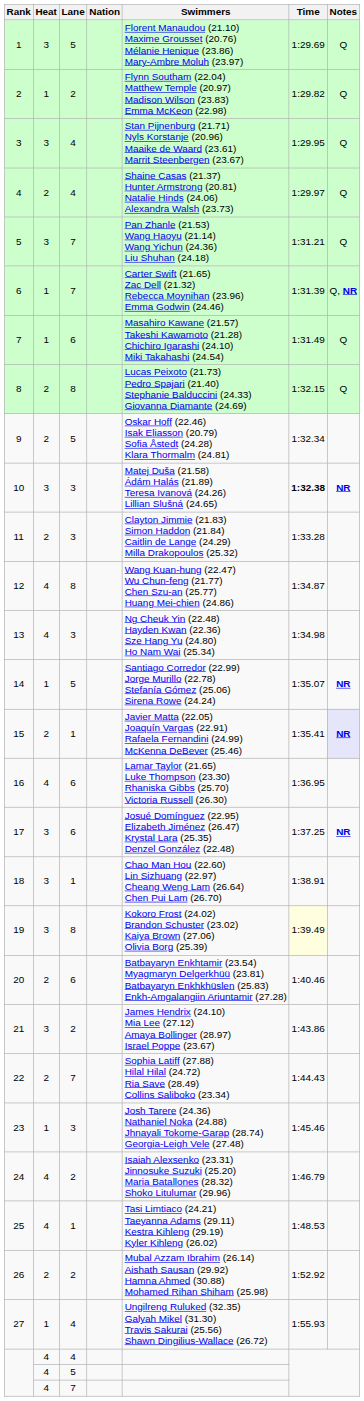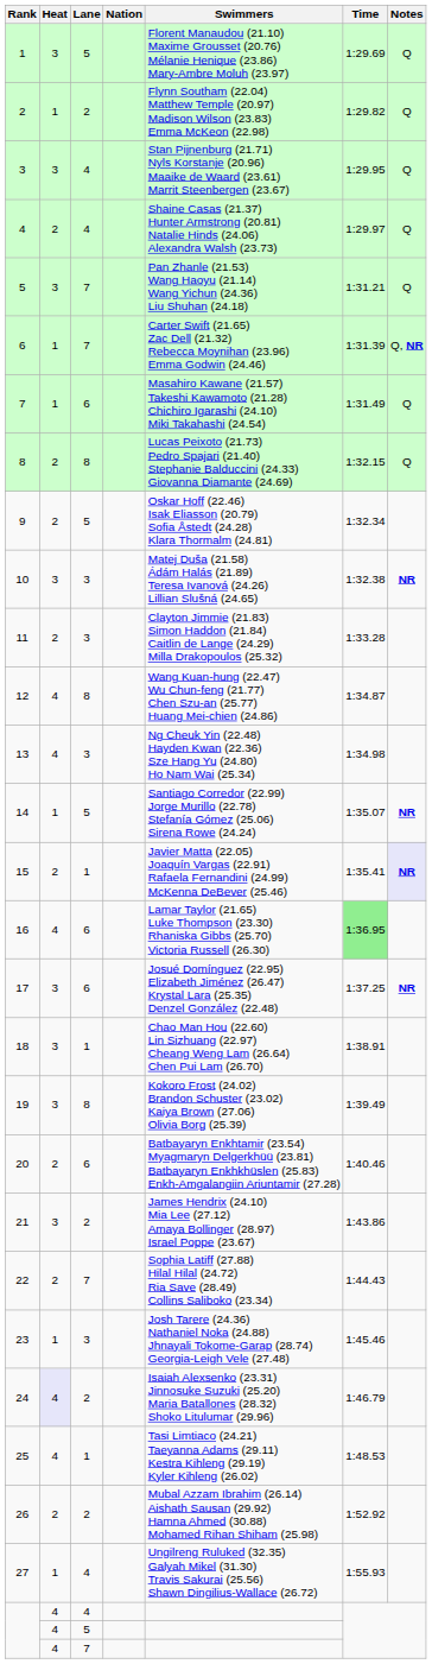 <table class="wikitable sortable" style="text-align:center">
 <tr>
 <th>Rank</th>
 <th>Heat</th>
 <th>Lane</th>
 <th>Nation</th>
 <th>Swimmers</th>
 <th>Time</th>
 <th>Notes</th>
 </tr>
 <tr bgcolor=ccffcc>
 <td>1</td>
 <td>3</td>
 <td>5</td>
 <td align=left></td>
 <td align=left><a href='#'>Florent Manaudou</a> (21.10)<br><a href='#'>Maxime Grousset</a> (20.76)<br><a href='#'>Mélanie Henique</a> (23.86)<br><a href='#'>Mary-Ambre Moluh</a> (23.97)</td>
 <td>1:29.69</td>
 <td>Q</td>
 </tr>
 <tr bgcolor=ccffcc>
 <td>2</td>
 <td>1</td>
 <td>2</td>
 <td align=left></td>
 <td align=left><a href='#'>Flynn Southam</a> (22.04)<br><a href='#'>Matthew Temple</a> (20.97)<br><a href='#'>Madison Wilson</a> (23.83)<br><a href='#'>Emma McKeon</a> (22.98)</td>
 <td>1:29.82</td>
 <td>Q</td>
 </tr>
 <tr bgcolor=ccffcc>
 <td>3</td>
 <td>3</td>
 <td>4</td>
 <td align=left></td>
 <td align=left><a href='#'>Stan Pijnenburg</a> (21.71)<br><a href='#'>Nyls Korstanje</a> (20.96)<br><a href='#'>Maaike de Waard</a> (23.61)<br><a href='#'>Marrit Steenbergen</a> (23.67)</td>
 <td>1:29.95</td>
 <td>Q</td>
 </tr>
 <tr bgcolor=ccffcc>
 <td>4</td>
 <td>2</td>
 <td>4</td>
 <td align=left></td>
 <td align=left><a href='#'>Shaine Casas</a> (21.37)<br><a href='#'>Hunter Armstrong</a> (20.81)<br><a href='#'>Natalie Hinds</a> (24.06)<br><a href='#'>Alexandra Walsh</a> (23.73)</td>
 <td>1:29.97</td>
 <td>Q</td>
 </tr>
 <tr bgcolor=ccffcc>
 <td>5</td>
 <td>3</td>
 <td>7</td>
 <td align=left></td>
 <td align=left><a href='#'>Pan Zhanle</a> (21.53)<br><a href='#'>Wang Haoyu</a> (21.14)<br><a href='#'>Wang Yichun</a> (24.36)<br><a href='#'>Liu Shuhan</a> (24.18)</td>
 <td>1:31.21</td>
 <td>Q</td>
 </tr>
 <tr bgcolor=ccffcc>
 <td>6</td>
 <td>1</td>
 <td>7</td>
 <td align=left></td>
 <td align=left><a href='#'>Carter Swift</a> (21.65)<br><a href='#'>Zac Dell</a> (21.32)<br><a href='#'>Rebecca Moynihan</a> (23.96)<br><a href='#'>Emma Godwin</a> (24.46)</td>
 <td>1:31.39</td>
 <td>Q, <strong><a href='#'>NR</a></strong></td>
 </tr>
 <tr bgcolor=ccffcc>
 <td>7</td>
 <td>1</td>
 <td>6</td>
 <td align=left></td>
 <td align=left><a href='#'>Masahiro Kawane</a> (21.57)<br><a href='#'>Takeshi Kawamoto</a> (21.28)<br><a href='#'>Chichiro Igarashi</a> (24.10)<br><a href='#'>Miki Takahashi</a> (24.54)</td>
 <td>1:31.49</td>
 <td>Q</td>
 </tr>
 <tr bgcolor=ccffcc>
 <td>8</td>
 <td>2</td>
 <td>8</td>
 <td align=left></td>
 <td align=left><a href='#'>Lucas Peixoto</a> (21.73)<br><a href='#'>Pedro Spajari</a> (21.40)<br><a href='#'>Stephanie Balduccini</a> (24.33)<br><a href='#'>Giovanna Diamante</a> (24.69)</td>
 <td>1:32.15</td>
 <td>Q</td>
 </tr>
 <tr>
 <td>9</td>
 <td>2</td>
 <td>5</td>
 <td align=left></td>
 <td align=left><a href='#'>Oskar Hoff</a> (22.46)<br><a href='#'>Isak Eliasson</a> (20.79)<br><a href='#'>Sofia Åstedt</a> (24.28)<br><a href='#'>Klara Thormalm</a> (24.81)</td>
 <td>1:32.34</td>
 <td></td>
 </tr>
 <tr>
 <td>10</td>
 <td>3</td>
 <td>3</td>
 <td align=left></td>
 <td align=left><a href='#'>Matej Duša</a> (21.58)<br><a href='#'>Ádám Halás</a> (21.89)<br><a href='#'>Teresa Ivanová</a> (24.26)<br><a href='#'>Lillian Slušná</a> (24.65)</td>
-<td><strong>1:32.38</strong></td>
+<td>1:32.38</td>
 <td><strong><a href='#'>NR</a></strong></td>
 </tr>
 <tr>
 <td>11</td>
 <td>2</td>
 <td>3</td>
 <td align=left></td>
 <td align=left><a href='#'>Clayton Jimmie</a> (21.83)<br><a href='#'>Simon Haddon</a> (21.84)<br><a href='#'>Caitlin de Lange</a> (24.29)<br><a href='#'>Milla Drakopoulos</a> (25.32)</td>
 <td>1:33.28</td>
 <td></td>
 </tr>
 <tr>
 <td>12</td>
 <td>4</td>
 <td>8</td>
 <td align=left></td>
 <td align=left><a href='#'>Wang Kuan-hung</a> (22.47)<br><a href='#'>Wu Chun-feng</a> (21.77)<br><a href='#'>Chen Szu-an</a> (25.77)<br><a href='#'>Huang Mei-chien</a> (24.86)</td>
 <td>1:34.87</td>
 <td></td>
 </tr>
 <tr>
 <td>13</td>
 <td>4</td>
 <td>3</td>
 <td align=left></td>
 <td align=left><a href='#'>Ng Cheuk Yin</a> (22.48)<br><a href='#'>Hayden Kwan</a> (22.36)<br><a href='#'>Sze Hang Yu</a> (24.80)<br><a href='#'>Ho Nam Wai</a> (25.34)</td>
 <td>1:34.98</td>
 <td></td>
 </tr>
 <tr>
 <td>14</td>
 <td>1</td>
 <td>5</td>
 <td align=left></td>
 <td align=left><a href='#'>Santiago Corredor</a> (22.99)<br><a href='#'>Jorge Murillo</a> (22.78)<br><a href='#'>Stefanía Gómez</a> (25.06)<br><a href='#'>Sirena Rowe</a> (24.24)</td>
 <td>1:35.07</td>
 <td><strong><a href='#'>NR</a></strong></td>
 </tr>
 <tr>
 <td>15</td>
 <td>2</td>
 <td>1</td>
 <td align=left></td>
 <td align=left><a href='#'>Javier Matta</a> (22.05)<br><a href='#'>Joaquín Vargas</a> (22.91)<br><a href='#'>Rafaela Fernandini</a> (24.99)<br><a href='#'>McKenna DeBever</a> (25.46)</td>
 <td>1:35.41</td>
 <td style="background: lavender;"><strong><a href='#'>NR</a></strong></td>
 </tr>
 <tr>
 <td>16</td>
 <td>4</td>
 <td>6</td>
 <td align=left></td>
 <td align=left><a href='#'>Lamar Taylor</a> (21.65)<br><a href='#'>Luke Thompson</a> (23.30)<br><a href='#'>Rhaniska Gibbs</a> (25.70)<br><a href='#'>Victoria Russell</a> (26.30)</td>
-<td>1:36.95</td>
+<td style="background: lightgreen;">1:36.95</td>
 <td></td>
 </tr>
 <tr>
 <td>17</td>
 <td>3</td>
 <td>6</td>
 <td align=left></td>
 <td align=left><a href='#'>Josué Domínguez</a> (22.95)<br><a href='#'>Elizabeth Jiménez</a> (26.47)<br><a href='#'>Krystal Lara</a> (25.35)<br><a href='#'>Denzel González</a> (22.48)</td>
 <td>1:37.25</td>
 <td><strong><a href='#'>NR</a></strong></td>
 </tr>
 <tr>
 <td>18</td>
 <td>3</td>
 <td>1</td>
 <td align=left></td>
 <td align=left><a href='#'>Chao Man Hou</a> (22.60)<br><a href='#'>Lin Sizhuang</a> (22.97)<br><a href='#'>Cheang Weng Lam</a> (26.64)<br><a href='#'>Chen Pui Lam</a> (26.70)</td>
 <td>1:38.91</td>
 <td></td>
 </tr>
 <tr>
 <td>19</td>
 <td>3</td>
 <td>8</td>
 <td align=left></td>
 <td align=left><a href='#'>Kokoro Frost</a> (24.02)<br><a href='#'>Brandon Schuster</a> (23.02)<br><a href='#'>Kaiya Brown</a> (27.06)<br><a href='#'>Olivia Borg</a> (25.39)</td>
-<td style="background: lightyellow;">1:39.49</td>
+<td>1:39.49</td>
 <td></td>
 </tr>
 <tr>
 <td>20</td>
 <td>2</td>
 <td>6</td>
 <td align=left></td>
 <td align=left><a href='#'>Batbayaryn Enkhtamir</a> (23.54)<br><a href='#'>Myagmaryn Delgerkhüü</a> (23.81)<br><a href='#'>Batbayaryn Enkhkhüslen</a> (25.83)<br><a href='#'>Enkh-Amgalangiin Ariuntamir</a> (27.28)</td>
 <td>1:40.46</td>
 <td></td>
 </tr>
 <tr>
 <td>21</td>
 <td>3</td>
 <td>2</td>
 <td align=left></td>
 <td align=left><a href='#'>James Hendrix</a> (24.10)<br><a href='#'>Mia Lee</a> (27.12)<br><a href='#'>Amaya Bollinger</a> (28.97)<br><a href='#'>Israel Poppe</a> (23.67)</td>
 <td>1:43.86</td>
 <td></td>
 </tr>
 <tr>
 <td>22</td>
 <td>2</td>
 <td>7</td>
 <td align=left></td>
 <td align=left><a href='#'>Sophia Latiff</a> (27.88)<br><a href='#'>Hilal Hilal</a> (24.72)<br><a href='#'>Ria Save</a> (28.49)<br><a href='#'>Collins Saliboko</a> (23.34)</td>
 <td>1:44.43</td>
 <td></td>
 </tr>
 <tr>
 <td>23</td>
 <td>1</td>
 <td>3</td>
 <td align=left></td>
 <td align=left><a href='#'>Josh Tarere</a> (24.36)<br><a href='#'>Nathaniel Noka</a> (24.88)<br><a href='#'>Jhnayali Tokome-Garap</a> (28.74)<br><a href='#'>Georgia-Leigh Vele</a> (27.48)</td>
 <td>1:45.46</td>
 <td></td>
 </tr>
 <tr>
 <td>24</td>
-<td>4</td>
+<td style="background: lavender;">4</td>
 <td>2</td>
 <td align=left></td>
 <td align=left><a href='#'>Isaiah Alexsenko</a> (23.31)<br><a href='#'>Jinnosuke Suzuki</a> (25.20)<br><a href='#'>Maria Batallones</a> (28.32)<br><a href='#'>Shoko Litulumar</a> (29.96)</td>
 <td>1:46.79</td>
 <td></td>
 </tr>
 <tr>
 <td>25</td>
 <td>4</td>
 <td>1</td>
 <td align=left></td>
 <td align=left><a href='#'>Tasi Limtiaco</a> (24.21)<br><a href='#'>Taeyanna Adams</a> (29.11)<br><a href='#'>Kestra Kihleng</a> (29.19)<br><a href='#'>Kyler Kihleng</a> (26.02)</td>
 <td>1:48.53</td>
 <td></td>
 </tr>
 <tr>
 <td>26</td>
 <td>2</td>
 <td>2</td>
 <td align=left></td>
 <td align=left><a href='#'>Mubal Azzam Ibrahim</a> (26.14)<br><a href='#'>Aishath Sausan</a> (29.92)<br><a href='#'>Hamna Ahmed</a> (30.88)<br><a href='#'>Mohamed Rihan Shiham</a> (25.98)</td>
 <td>1:52.92</td>
 <td></td>
 </tr>
 <tr>
 <td>27</td>
 <td>1</td>
 <td>4</td>
 <td align=left></td>
 <td align=left><a href='#'>Ungilreng Ruluked</a> (32.35)<br><a href='#'>Galyah Mikel</a> (31.30)<br><a href='#'>Travis Sakurai</a> (25.56)<br><a href='#'>Shawn Dingilius-Wallace</a> (26.72)</td>
 <td>1:55.93</td>
 <td></td>
 </tr>
 <tr>
 <td rowspan=3></td>
 <td>4</td>
 <td>4</td>
 <td align=left></td>
 <td></td>
 <td colspan=2 rowspan=3></td>
 </tr>
 <tr>
 <td>4</td>
 <td>5</td>
 <td align=left></td>
 <td></td>
 </tr>
 <tr>
 <td>4</td>
 <td>7</td>
 <td align=left></td>
 <td></td>
 </tr>
 </table>
